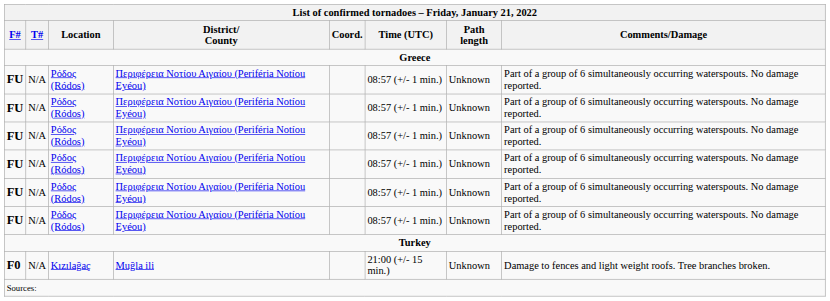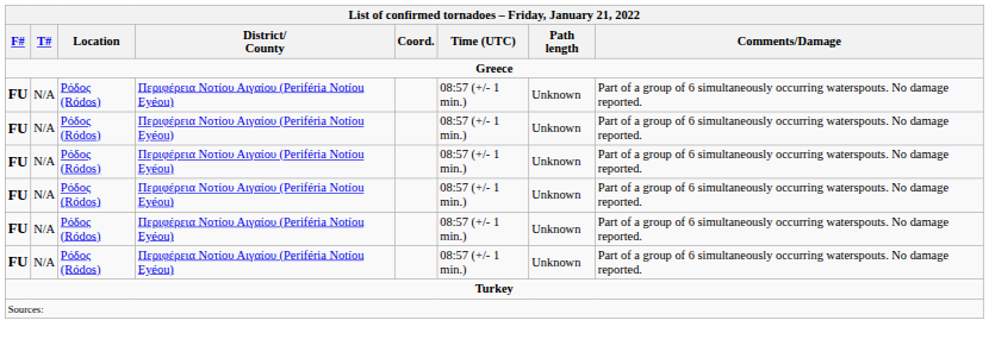 <table class="wikitable collapsible" width="100%">
 <tr>
 <th colspan="8">List of confirmed tornadoes – Friday, January 21, 2022</th>
 </tr>
 <tr>
 <th><a href='#'>F#</a></th>
 <th><a href='#'>T#</a></th>
 <th>Location</th>
 <th>District/<br>County</th>
 <th>Coord.</th>
 <th>Time (UTC)</th>
 <th>Path length</th>
 <th>Comments/Damage</th>
 </tr>
 <tr>
 <td colspan="8" align=center><strong>Greece</strong></td>
 </tr>
 <tr>
 <td><big><strong>FU</strong></big></td>
 <td>N/A</td>
 <td><a href='#'>Ρόδος (Ródos)</a></td>
 <td><a href='#'>Περιφέρεια Νοτίου Αιγαίου (Periféria Notíou Eyéou)</a></td>
 <td></td>
 <td>08:57 (+/- 1 min.)</td>
 <td>Unknown</td>
 <td>Part of a group of 6 simultaneously occurring waterspouts. No damage reported.</td>
 </tr>
 <tr>
 <td><big><strong>FU</strong></big></td>
 <td>N/A</td>
 <td><a href='#'>Ρόδος (Ródos)</a></td>
 <td><a href='#'>Περιφέρεια Νοτίου Αιγαίου (Periféria Notíou Eyéou)</a></td>
 <td></td>
 <td>08:57 (+/- 1 min.)</td>
 <td>Unknown</td>
 <td>Part of a group of 6 simultaneously occurring waterspouts. No damage reported.</td>
 </tr>
 <tr>
 <td><big><strong>FU</strong></big></td>
 <td>N/A</td>
 <td><a href='#'>Ρόδος (Ródos)</a></td>
 <td><a href='#'>Περιφέρεια Νοτίου Αιγαίου (Periféria Notíou Eyéou)</a></td>
 <td></td>
 <td>08:57 (+/- 1 min.)</td>
 <td>Unknown</td>
 <td>Part of a group of 6 simultaneously occurring waterspouts. No damage reported.</td>
 </tr>
 <tr>
 <td><big><strong>FU</strong></big></td>
 <td>N/A</td>
 <td><a href='#'>Ρόδος (Ródos)</a></td>
 <td><a href='#'>Περιφέρεια Νοτίου Αιγαίου (Periféria Notíou Eyéou)</a></td>
 <td></td>
 <td>08:57 (+/- 1 min.)</td>
 <td>Unknown</td>
 <td>Part of a group of 6 simultaneously occurring waterspouts. No damage reported.</td>
 </tr>
 <tr>
 <td><big><strong>FU</strong></big></td>
 <td>N/A</td>
 <td><a href='#'>Ρόδος (Ródos)</a></td>
 <td><a href='#'>Περιφέρεια Νοτίου Αιγαίου (Periféria Notíou Eyéou)</a></td>
 <td></td>
 <td>08:57 (+/- 1 min.)</td>
 <td>Unknown</td>
 <td>Part of a group of 6 simultaneously occurring waterspouts. No damage reported.</td>
 </tr>
 <tr>
 <td><big><strong>FU</strong></big></td>
 <td>N/A</td>
 <td><a href='#'>Ρόδος (Ródos)</a></td>
 <td><a href='#'>Περιφέρεια Νοτίου Αιγαίου (Periféria Notíou Eyéou)</a></td>
 <td></td>
 <td>08:57 (+/- 1 min.)</td>
 <td>Unknown</td>
 <td>Part of a group of 6 simultaneously occurring waterspouts. No damage reported.</td>
 </tr>
 <tr>
 <td colspan="8" align=center><strong>Turkey</strong></td>
 </tr>
 <tr>
-<td><big><strong>F0</strong></big></td>
-<td>N/A</td>
-<td><a href='#'>Kızılağaç</a></td>
-<td><a href='#'>Muğla ili</a></td>
-<td></td>
-<td>21:00 (+/- 15 min.)</td>
-<td>Unknown</td>
-<td>Damage to fences and light weight roofs. Tree branches broken.</td>
-</tr>
-<tr>
 <td colspan="8"><small>Sources:  </small></td>
 </tr>
 </table>
